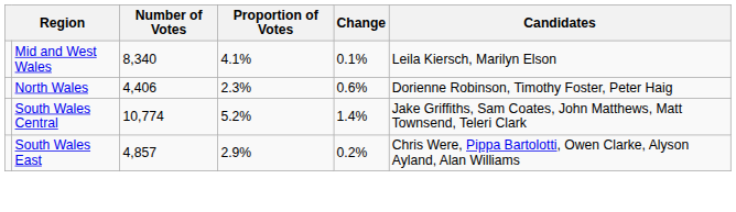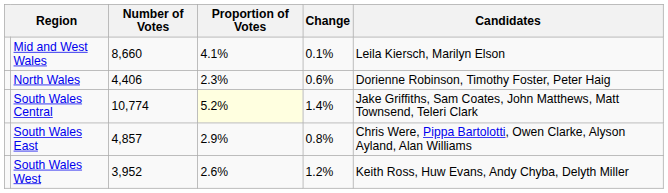 <table class="wikitable">
 <tr>
 <th colspan="2">Region</th>
 <th>Number of Votes</th>
 <th>Proportion of Votes</th>
 <th>Change</th>
 <th>Candidates</th>
 </tr>
 <tr>
 <td width="1" style="color:inherit;background:"></td>
 <td><a href='#'>Mid and West Wales</a></td>
-<td>8,340</td>
+<td>8,660</td>
 <td>4.1%</td>
 <td>0.1%</td>
 <td>Leila Kiersch, Marilyn Elson</td>
 </tr>
 <tr>
 <td style="color:inherit;background:"></td>
 <td><a href='#'>North Wales</a></td>
 <td>4,406</td>
 <td>2.3%</td>
 <td>0.6%</td>
 <td>Dorienne Robinson, Timothy Foster, Peter Haig</td>
 </tr>
 <tr>
 <td style="color:inherit;background:"></td>
 <td><a href='#'>South Wales Central</a></td>
 <td>10,774</td>
-<td>5.2%</td>
+<td style="background: lightyellow;">5.2%</td>
 <td>1.4%</td>
 <td>Jake Griffiths, Sam Coates, John Matthews, Matt Townsend, Teleri Clark</td>
 </tr>
 <tr>
 <td style="color:inherit;background:"></td>
 <td><a href='#'>South Wales East</a></td>
 <td>4,857</td>
 <td>2.9%</td>
-<td>0.2%</td>
+<td>0.8%</td>
 <td>Chris Were, <a href='#'>Pippa Bartolotti</a>, Owen Clarke, Alyson Ayland, Alan Williams</td>
 </tr>
+<tr>
+<td style="color:inherit;background:"></td>
+<td><a href='#'>South Wales West</a></td>
+<td>3,952</td>
+<td>2.6%</td>
+<td>1.2%</td>
+<td>Keith Ross, Huw Evans, Andy Chyba, Delyth Miller</td>
+</tr>
 </table>
